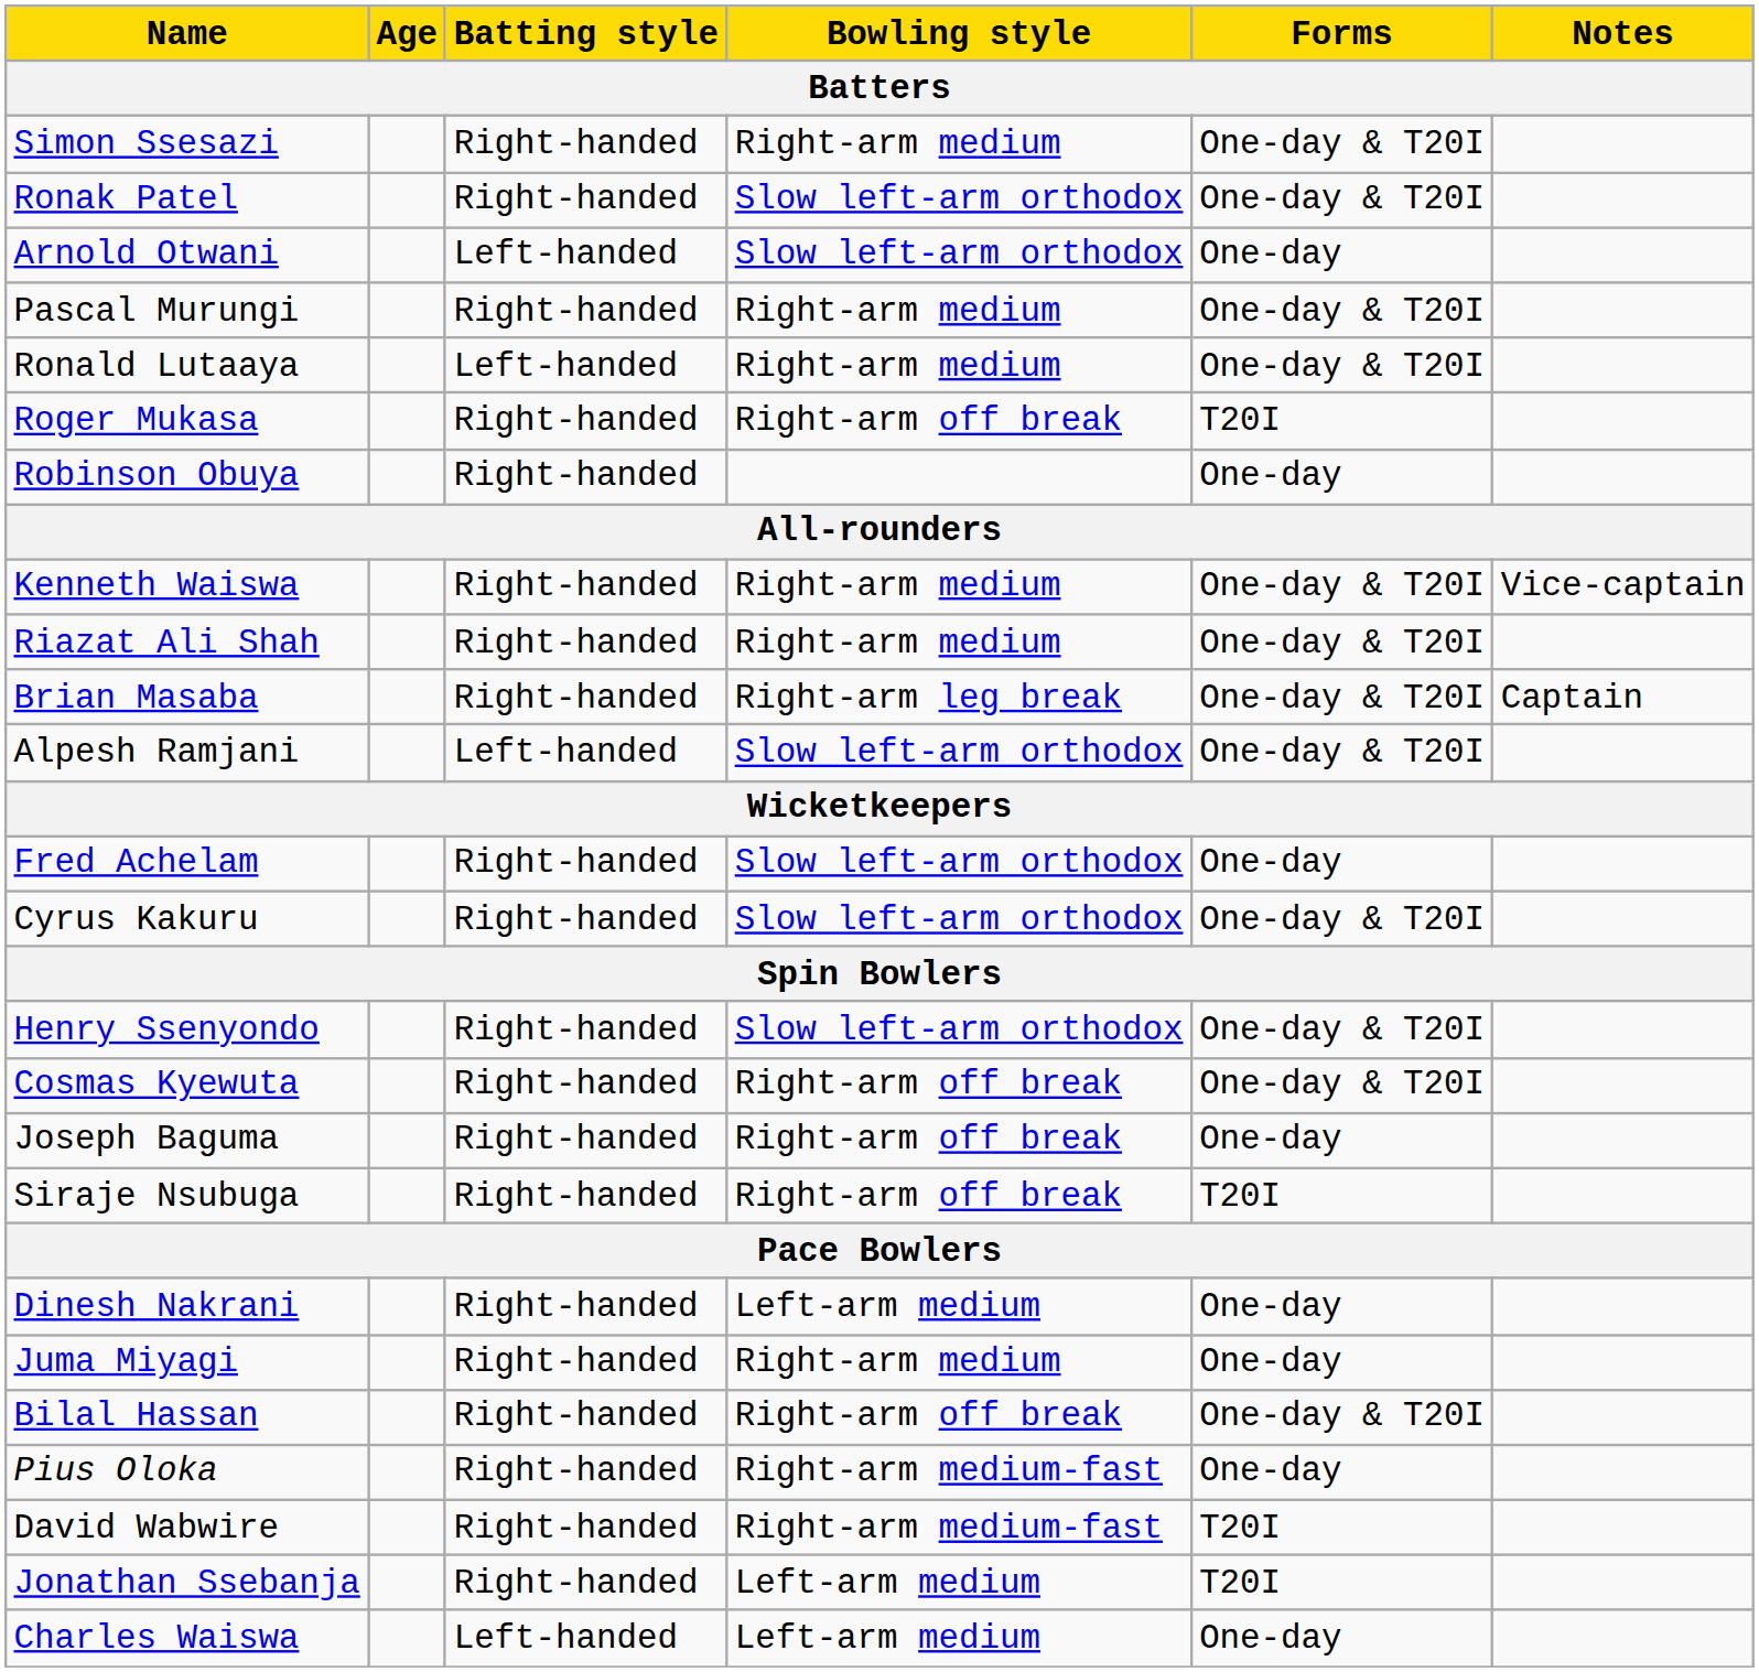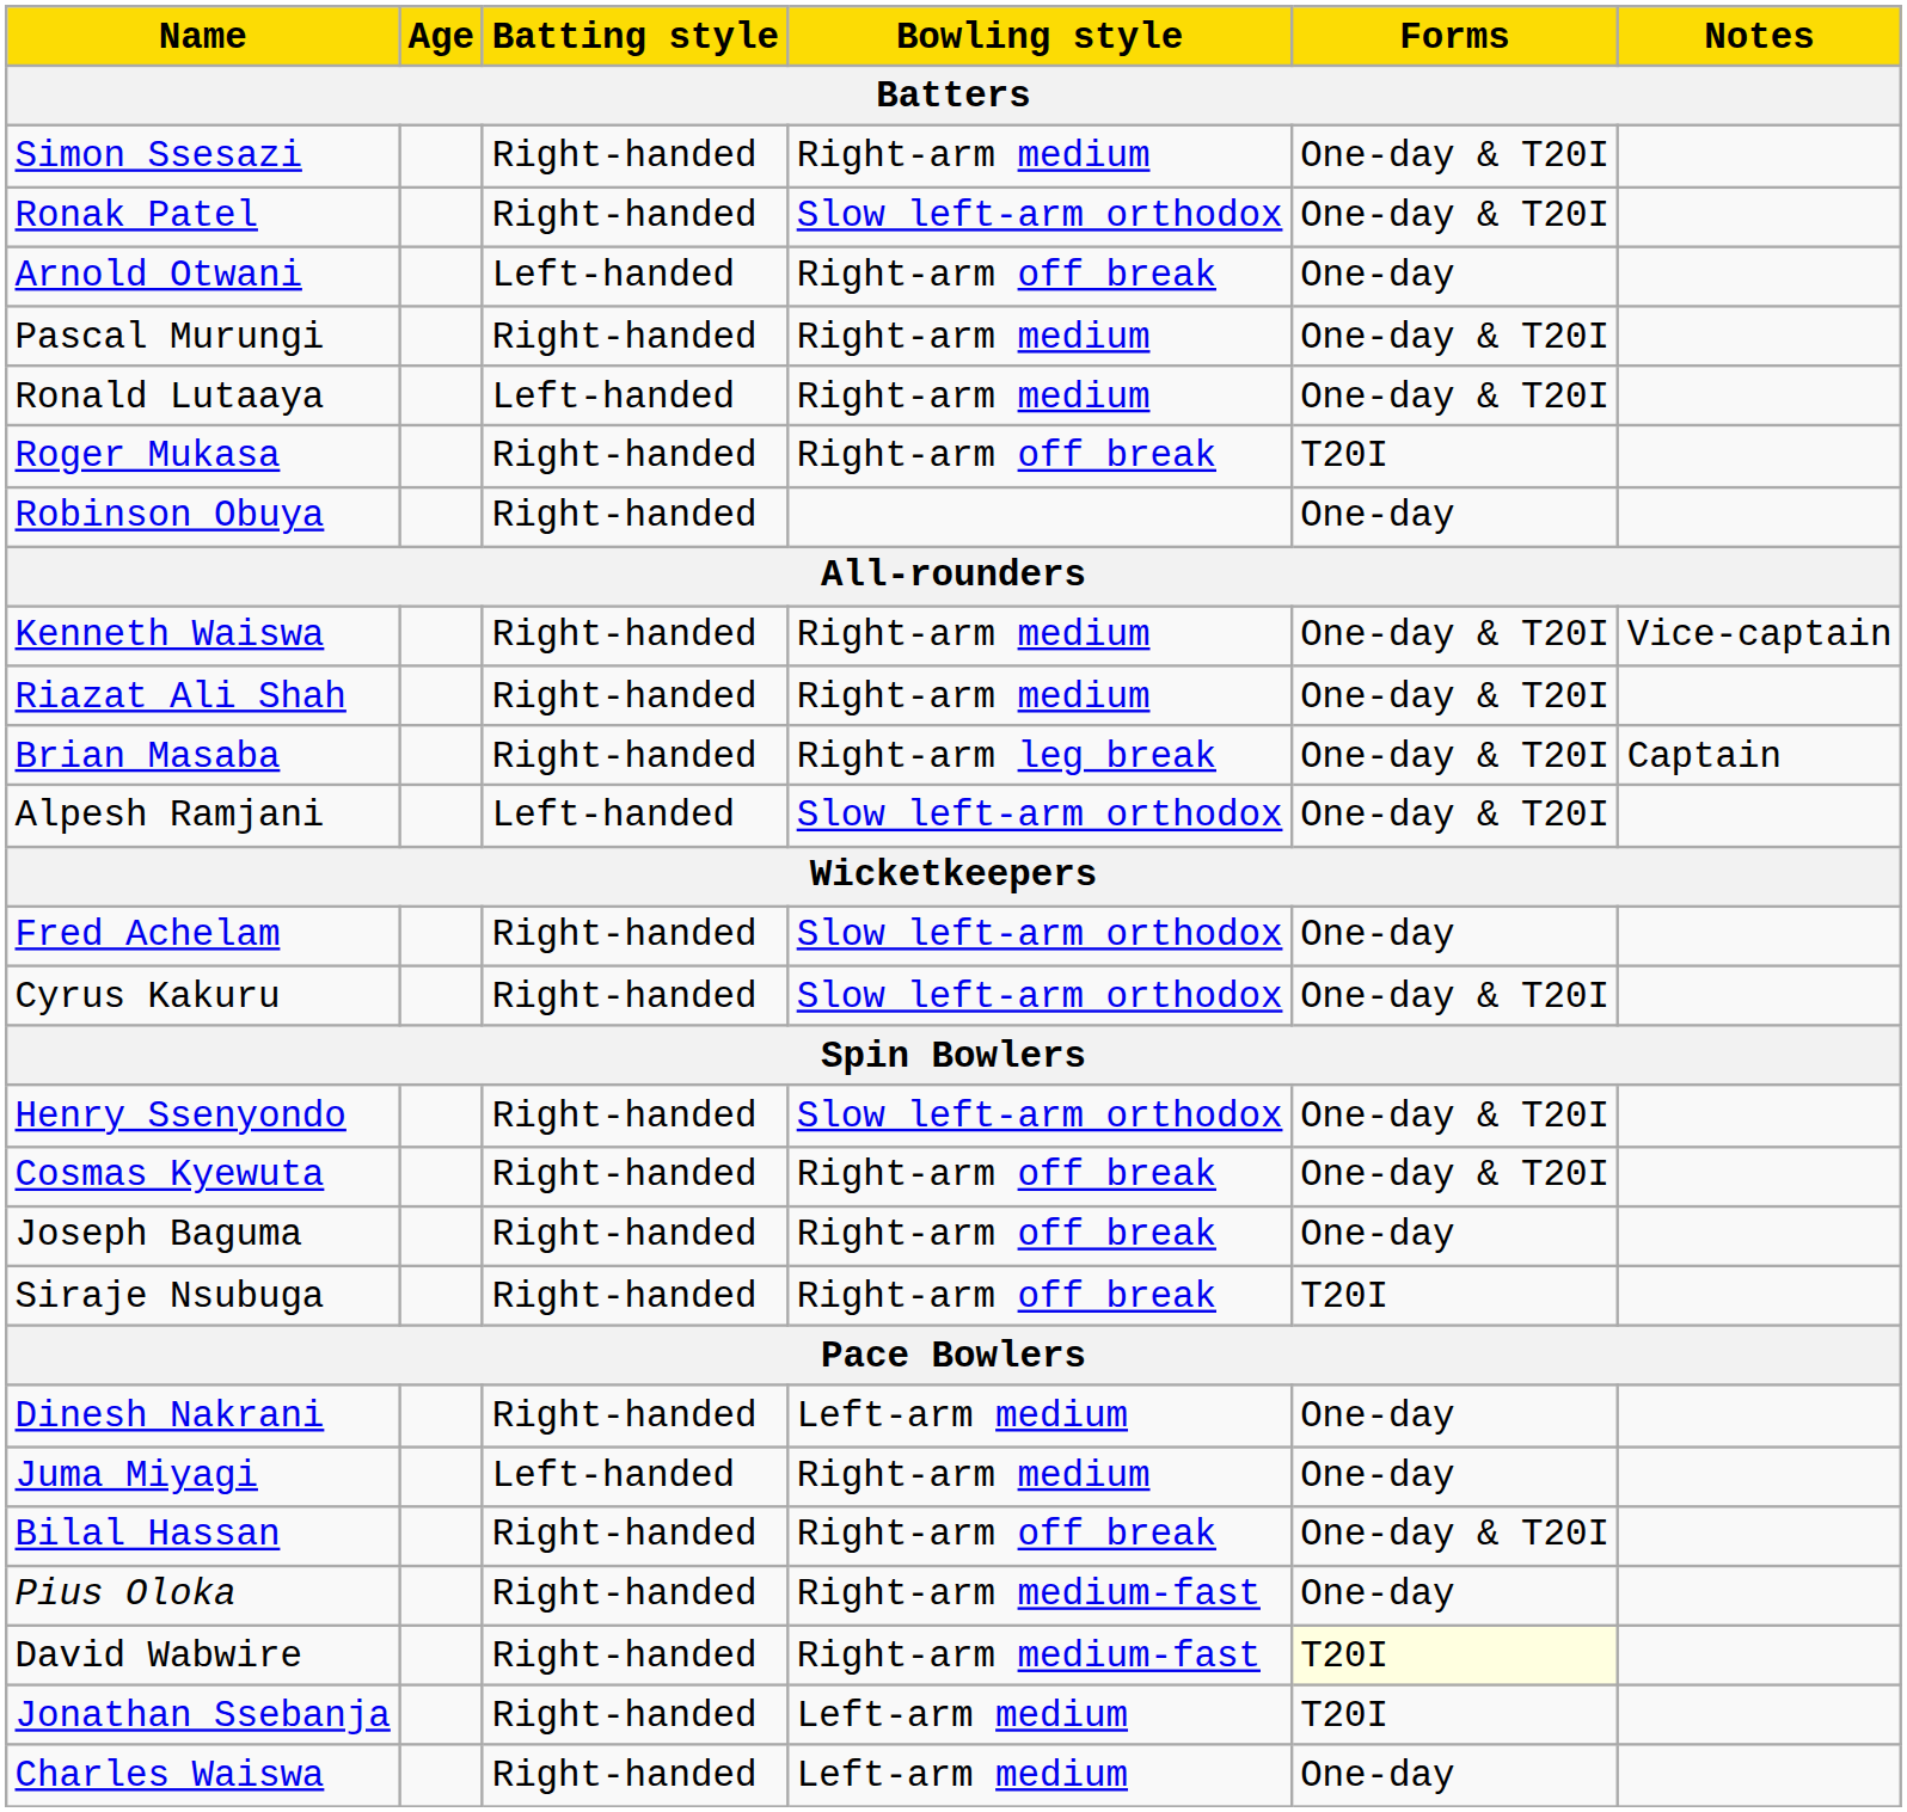 <table class="wikitable">
 <tr>
 <th style="text-align:center; background:#FCDC04; color:black;">Name</th>
 <th style="text-align:center; background:#FCDC04; color:black;">Age</th>
 <th style="text-align:center; background:#FCDC04; color:black;">Batting style</th>
 <th style="text-align:center; background:#FCDC04; color:black;">Bowling style</th>
 <th style="text-align:center; background:#FCDC04; color:black;">Forms</th>
 <th style="text-align:center; background:#FCDC04; color:black;">Notes</th>
 </tr>
 <tr>
 <th colspan="6">Batters</th>
 </tr>
 <tr>
 <td><a href='#'>Simon Ssesazi</a></td>
 <td></td>
 <td>Right-handed</td>
 <td>Right-arm <a href='#'>medium</a></td>
 <td>One-day & T20I</td>
 <td></td>
 </tr>
 <tr>
 <td><a href='#'>Ronak Patel</a></td>
 <td></td>
 <td>Right-handed</td>
 <td><a href='#'>Slow left-arm orthodox</a></td>
 <td>One-day & T20I</td>
 <td></td>
 </tr>
 <tr>
 <td><a href='#'>Arnold Otwani</a></td>
 <td></td>
 <td>Left-handed</td>
-<td><a href='#'>Slow left-arm orthodox</a></td>
+<td>Right-arm <a href='#'>off break</a></td>
 <td>One-day</td>
 <td></td>
 </tr>
 <tr>
 <td>Pascal Murungi</td>
 <td></td>
 <td>Right-handed</td>
 <td>Right-arm <a href='#'>medium</a></td>
 <td>One-day & T20I</td>
 <td></td>
 </tr>
 <tr>
 <td>Ronald Lutaaya</td>
 <td></td>
 <td>Left-handed</td>
 <td>Right-arm <a href='#'>medium</a></td>
 <td>One-day & T20I</td>
 <td></td>
 </tr>
 <tr>
 <td><a href='#'>Roger Mukasa</a></td>
 <td></td>
 <td>Right-handed</td>
 <td>Right-arm <a href='#'>off break</a></td>
 <td>T20I</td>
 <td></td>
 </tr>
 <tr>
 <td><a href='#'>Robinson Obuya</a></td>
 <td></td>
 <td>Right-handed</td>
 <td></td>
 <td>One-day</td>
 <td></td>
 </tr>
 <tr>
 <th colspan="6">All-rounders</th>
 </tr>
 <tr>
 <td><a href='#'>Kenneth Waiswa</a></td>
 <td></td>
 <td>Right-handed</td>
 <td>Right-arm <a href='#'>medium</a></td>
 <td>One-day & T20I</td>
 <td>Vice-captain</td>
 </tr>
 <tr>
 <td><a href='#'>Riazat Ali Shah</a></td>
 <td></td>
 <td>Right-handed</td>
 <td>Right-arm <a href='#'>medium</a></td>
 <td>One-day & T20I</td>
 <td></td>
 </tr>
 <tr>
 <td><a href='#'>Brian Masaba</a></td>
 <td></td>
 <td>Right-handed</td>
 <td>Right-arm <a href='#'>leg break</a></td>
 <td>One-day & T20I</td>
 <td>Captain</td>
 </tr>
 <tr>
 <td>Alpesh Ramjani</td>
 <td></td>
 <td>Left-handed</td>
 <td><a href='#'>Slow left-arm orthodox</a></td>
 <td>One-day & T20I</td>
 <td></td>
 </tr>
 <tr>
 <th colspan="6">Wicketkeepers</th>
 </tr>
 <tr>
 <td><a href='#'>Fred Achelam</a></td>
 <td></td>
 <td>Right-handed</td>
 <td><a href='#'>Slow left-arm orthodox</a></td>
 <td>One-day</td>
 <td></td>
 </tr>
 <tr>
 <td>Cyrus Kakuru</td>
 <td></td>
 <td>Right-handed</td>
 <td><a href='#'>Slow left-arm orthodox</a></td>
 <td>One-day & T20I</td>
 <td></td>
 </tr>
 <tr>
 <th colspan="6">Spin Bowlers</th>
 </tr>
 <tr>
 <td><a href='#'>Henry Ssenyondo</a></td>
 <td></td>
 <td>Right-handed</td>
 <td><a href='#'>Slow left-arm orthodox</a></td>
 <td>One-day & T20I</td>
 <td></td>
 </tr>
 <tr>
 <td><a href='#'>Cosmas Kyewuta</a></td>
 <td></td>
 <td>Right-handed</td>
 <td>Right-arm <a href='#'>off break</a></td>
 <td>One-day & T20I</td>
 <td></td>
 </tr>
 <tr>
 <td>Joseph Baguma</td>
 <td></td>
 <td>Right-handed</td>
 <td>Right-arm <a href='#'>off break</a></td>
 <td>One-day</td>
 <td></td>
 </tr>
 <tr>
 <td>Siraje Nsubuga</td>
 <td></td>
 <td>Right-handed</td>
 <td>Right-arm <a href='#'>off break</a></td>
 <td>T20I</td>
 <td></td>
 </tr>
 <tr>
 <th colspan="6">Pace Bowlers</th>
 </tr>
 <tr>
 <td><a href='#'>Dinesh Nakrani</a></td>
 <td></td>
 <td>Right-handed</td>
 <td>Left-arm <a href='#'>medium</a></td>
 <td>One-day</td>
 <td></td>
 </tr>
 <tr>
 <td><a href='#'>Juma Miyagi</a></td>
 <td></td>
-<td>Right-handed</td>
+<td>Left-handed</td>
 <td>Right-arm <a href='#'>medium</a></td>
 <td>One-day</td>
 <td></td>
 </tr>
 <tr>
 <td><a href='#'>Bilal Hassan</a></td>
 <td></td>
 <td>Right-handed</td>
 <td>Right-arm <a href='#'>off break</a></td>
 <td>One-day & T20I</td>
 <td></td>
 </tr>
 <tr>
 <td><em>Pius Oloka</em></td>
 <td></td>
 <td>Right-handed</td>
 <td>Right-arm <a href='#'>medium-fast</a></td>
 <td>One-day</td>
 <td></td>
 </tr>
 <tr>
 <td>David Wabwire</td>
 <td></td>
 <td>Right-handed</td>
 <td>Right-arm <a href='#'>medium-fast</a></td>
-<td>T20I</td>
+<td style="background: lightyellow;">T20I</td>
 <td></td>
 </tr>
 <tr>
 <td><a href='#'>Jonathan Ssebanja</a></td>
 <td></td>
 <td>Right-handed</td>
 <td>Left-arm <a href='#'>medium</a></td>
 <td>T20I</td>
 <td></td>
 </tr>
 <tr>
 <td><a href='#'>Charles Waiswa</a></td>
 <td></td>
-<td>Left-handed</td>
+<td>Right-handed</td>
 <td>Left-arm <a href='#'>medium</a></td>
 <td>One-day</td>
 <td></td>
 </tr>
 </table>
